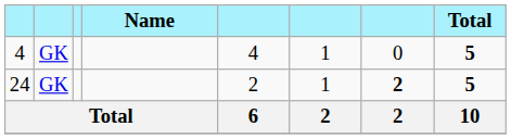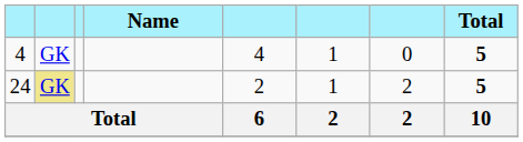 <table class="wikitable sortable" style="text-align:center;">
 <tr>
 <th style="background:#A9F1FD; color:#000;" scope="col"></th>
 <th style="background:#A9F1FD; color:#000;" scope="col"></th>
 <th style="background:#A9F1FD; color:#000;" scope="col"></th>
 <th style="background:#A9F1FD; color:#000; width:100px;" scope="col">Name</th>
 <th style="background:#A9F1FD; color:#000; width:50px;" scope="col"></th>
 <th style="background:#A9F1FD; color:#000; width:50px;" scope="col"></th>
 <th style="background:#A9F1FD; color:#000; width:50px;" scope="col"></th>
 <th style="background:#A9F1FD; color:#000; width:50px;" scope="col">Total</th>
 </tr>
 <tr>
 <td>4</td>
 <td><a href='#'>GK</a></td>
 <td></td>
 <td></td>
 <td>4</td>
 <td>1</td>
 <td>0</td>
 <td><strong>5</strong></td>
 </tr>
 <tr>
 <td>24</td>
-<td><a href='#'>GK</a></td>
+<td style="background: khaki;"><a href='#'>GK</a></td>
 <td></td>
 <td></td>
 <td>2</td>
 <td>1</td>
-<td><strong>2</strong></td>
+<td>2</td>
 <td><strong>5</strong></td>
 </tr>
 <tr>
 <th colspan=4 scope="row">Total</th>
 <th>6</th>
 <th>2</th>
 <th>2</th>
 <th>10</th>
 </tr>
 <tr>
 </tr>
 </table>
